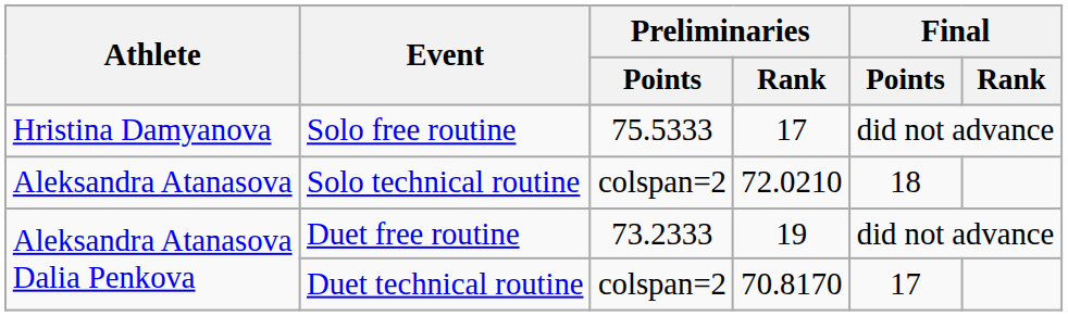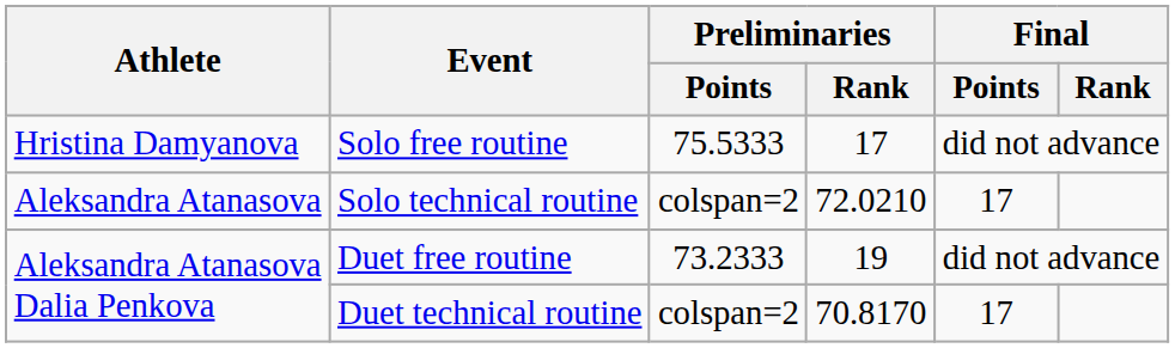 <table class=wikitable style="font-size:90%">
 <tr>
 <th rowspan="2">Athlete</th>
 <th rowspan="2">Event</th>
 <th colspan="2">Preliminaries</th>
 <th colspan="2">Final</th>
 </tr>
 <tr style="font-size:95%">
 <th>Points</th>
 <th>Rank</th>
 <th>Points</th>
 <th>Rank</th>
 </tr>
 <tr align=center>
 <td align=left><a href='#'>Hristina Damyanova</a></td>
 <td align=left><a href='#'>Solo free routine</a></td>
 <td>75.5333</td>
 <td>17</td>
 <td colspan=2>did not advance</td>
 </tr>
 <tr align=center>
 <td align=left><a href='#'>Aleksandra Atanasova</a></td>
 <td align=left><a href='#'>Solo technical routine</a></td>
 <td>colspan=2</td>
 <td>72.0210</td>
-<td>18</td>
+<td>17</td>
 </tr>
 <tr align=center>
 <td align=left rowspan=2><a href='#'>Aleksandra Atanasova</a><br><a href='#'>Dalia Penkova</a></td>
 <td align=left><a href='#'>Duet free routine</a></td>
 <td>73.2333</td>
 <td>19</td>
 <td colspan=2>did not advance</td>
 </tr>
 <tr align=center>
 <td align=left><a href='#'>Duet technical routine</a></td>
 <td>colspan=2</td>
 <td>70.8170</td>
 <td>17</td>
 </tr>
 </table>
